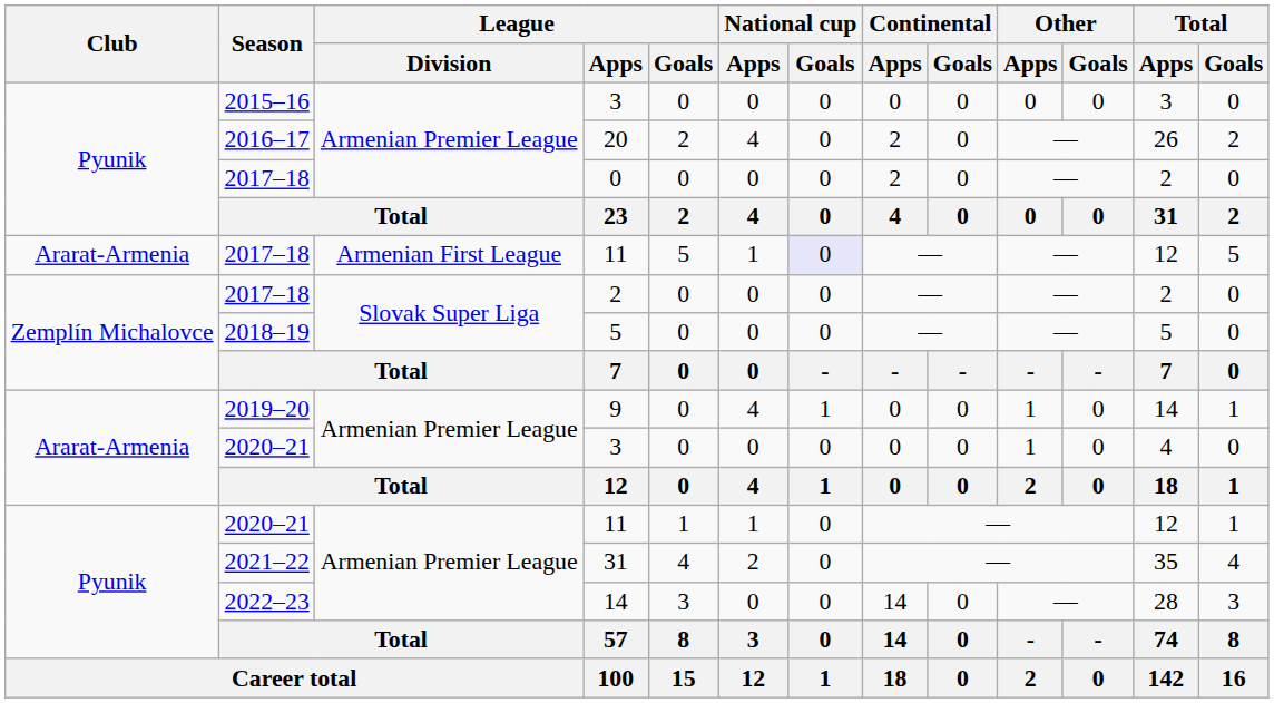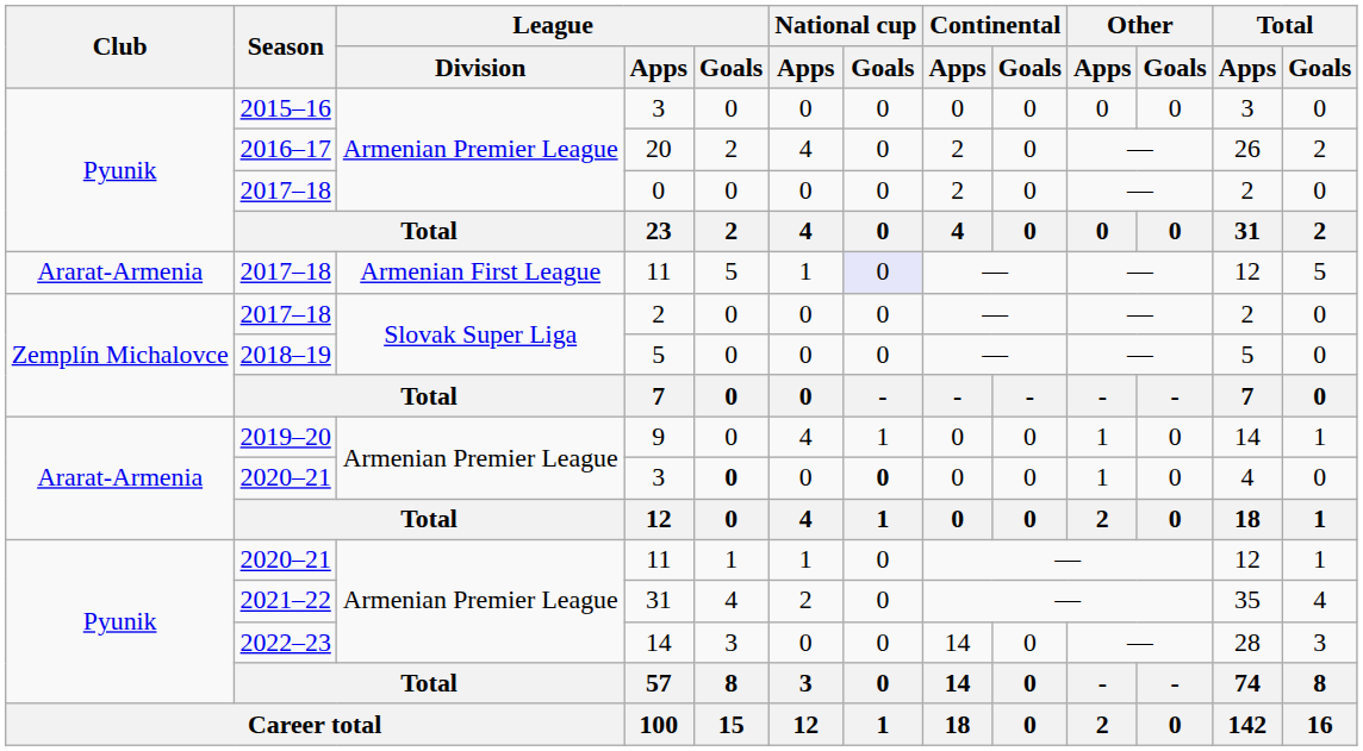 <table class="wikitable" style="text-align:center">
 <tr>
 <th rowspan="2">Club</th>
 <th rowspan="2">Season</th>
 <th colspan="3">League</th>
 <th colspan="2">National cup</th>
 <th colspan="2">Continental</th>
 <th colspan="2">Other</th>
 <th colspan="2">Total</th>
 </tr>
 <tr>
 <th>Division</th>
 <th>Apps</th>
 <th>Goals</th>
 <th>Apps</th>
 <th>Goals</th>
 <th>Apps</th>
 <th>Goals</th>
 <th>Apps</th>
 <th>Goals</th>
 <th>Apps</th>
 <th>Goals</th>
 </tr>
 <tr>
 <td rowspan="4"><a href='#'>Pyunik</a></td>
 <td><a href='#'>2015–16</a></td>
 <td rowspan="3"><a href='#'>Armenian Premier League</a></td>
 <td>3</td>
 <td>0</td>
 <td>0</td>
 <td>0</td>
 <td>0</td>
 <td>0</td>
 <td>0</td>
 <td>0</td>
 <td>3</td>
 <td>0</td>
 </tr>
 <tr>
 <td><a href='#'>2016–17</a></td>
 <td>20</td>
 <td>2</td>
 <td>4</td>
 <td>0</td>
 <td>2</td>
 <td>0</td>
 <td colspan="2">—</td>
 <td>26</td>
 <td>2</td>
 </tr>
 <tr>
 <td><a href='#'>2017–18</a></td>
 <td>0</td>
 <td>0</td>
 <td>0</td>
 <td>0</td>
 <td>2</td>
 <td>0</td>
 <td colspan="2">—</td>
 <td>2</td>
 <td>0</td>
 </tr>
 <tr>
 <th colspan="2">Total</th>
 <th>23</th>
 <th>2</th>
 <th>4</th>
 <th>0</th>
 <th>4</th>
 <th>0</th>
 <th>0</th>
 <th>0</th>
 <th>31</th>
 <th>2</th>
 </tr>
 <tr>
 <td><a href='#'>Ararat-Armenia</a></td>
 <td><a href='#'>2017–18</a></td>
 <td><a href='#'>Armenian First League</a></td>
 <td>11</td>
 <td>5</td>
 <td>1</td>
 <td style="background: lavender;">0</td>
 <td colspan="2">—</td>
 <td colspan="2">—</td>
 <td>12</td>
 <td>5</td>
 </tr>
 <tr>
 <td rowspan="3"><a href='#'>Zemplín Michalovce</a></td>
 <td><a href='#'>2017–18</a></td>
 <td rowspan="2"><a href='#'>Slovak Super Liga</a></td>
 <td>2</td>
 <td>0</td>
 <td>0</td>
 <td>0</td>
 <td colspan="2">—</td>
 <td colspan="2">—</td>
 <td>2</td>
 <td>0</td>
 </tr>
 <tr>
 <td><a href='#'>2018–19</a></td>
 <td>5</td>
 <td>0</td>
 <td>0</td>
 <td>0</td>
 <td colspan="2">—</td>
 <td colspan="2">—</td>
 <td>5</td>
 <td>0</td>
 </tr>
 <tr>
 <th colspan="2">Total</th>
 <th>7</th>
 <th>0</th>
 <th>0</th>
 <th>-</th>
 <th>-</th>
 <th>-</th>
 <th>-</th>
 <th>-</th>
 <th>7</th>
 <th>0</th>
 </tr>
 <tr>
 <td rowspan="3"><a href='#'>Ararat-Armenia</a></td>
 <td><a href='#'>2019–20</a></td>
 <td rowspan="2">Armenian Premier League</td>
 <td>9</td>
 <td>0</td>
 <td>4</td>
 <td>1</td>
 <td>0</td>
 <td>0</td>
 <td>1</td>
 <td>0</td>
 <td>14</td>
 <td>1</td>
 </tr>
 <tr>
 <td><a href='#'>2020–21</a></td>
 <td>3</td>
+<td><strong>0</strong></td>
 <td>0</td>
-<td>0</td>
-<td>0</td>
+<td><strong>0</strong></td>
 <td>0</td>
 <td>0</td>
 <td>1</td>
 <td>0</td>
 <td>4</td>
 <td>0</td>
 </tr>
 <tr>
 <th colspan="2">Total</th>
 <th>12</th>
 <th>0</th>
 <th>4</th>
 <th>1</th>
 <th>0</th>
 <th>0</th>
 <th>2</th>
 <th>0</th>
 <th>18</th>
 <th>1</th>
 </tr>
 <tr>
 <td rowspan="4"><a href='#'>Pyunik</a></td>
 <td><a href='#'>2020–21</a></td>
 <td rowspan="3">Armenian Premier League</td>
 <td>11</td>
 <td>1</td>
 <td>1</td>
 <td>0</td>
 <td colspan="4">—</td>
 <td>12</td>
 <td>1</td>
 </tr>
 <tr>
 <td><a href='#'>2021–22</a></td>
 <td>31</td>
 <td>4</td>
 <td>2</td>
 <td>0</td>
 <td colspan="4">—</td>
 <td>35</td>
 <td>4</td>
 </tr>
 <tr>
 <td><a href='#'>2022–23</a></td>
 <td>14</td>
 <td>3</td>
 <td>0</td>
 <td>0</td>
 <td>14</td>
 <td>0</td>
 <td colspan="2">—</td>
 <td>28</td>
 <td>3</td>
 </tr>
 <tr>
 <th colspan="2">Total</th>
 <th>57</th>
 <th>8</th>
 <th>3</th>
 <th>0</th>
 <th>14</th>
 <th>0</th>
 <th>-</th>
 <th>-</th>
 <th>74</th>
 <th>8</th>
 </tr>
 <tr>
 <th colspan="3">Career total</th>
 <th>100</th>
 <th>15</th>
 <th>12</th>
 <th>1</th>
 <th>18</th>
 <th>0</th>
 <th>2</th>
 <th>0</th>
 <th>142</th>
 <th>16</th>
 </tr>
 </table>
